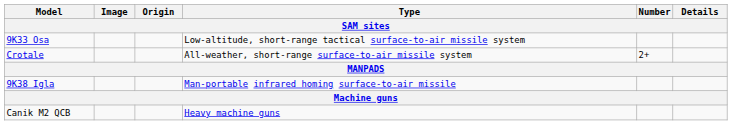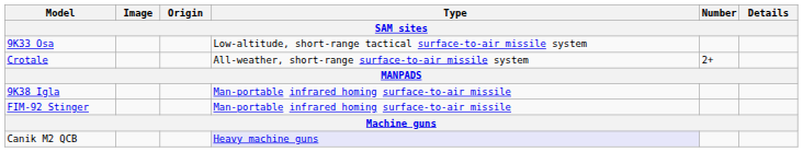 <table class="wikitable">
 <tr>
 <th>Model</th>
 <th>Image</th>
 <th>Origin</th>
 <th>Type</th>
 <th style="width:5%;">Number</th>
 <th>Details</th>
 </tr>
 <tr>
 <th colspan="6" style="align: center;"><a href='#'>SAM sites</a></th>
 </tr>
 <tr>
 <td><a href='#'>9K33 Osa</a></td>
 <td></td>
 <td></td>
 <td>Low-altitude, short-range tactical <a href='#'>surface-to-air missile</a> system</td>
 <td></td>
 <td></td>
 </tr>
 <tr>
 <td><a href='#'>Crotale</a></td>
 <td></td>
 <td></td>
 <td>All-weather, short-range <a href='#'>surface-to-air missile</a> system</td>
 <td>2+</td>
 <td></td>
 </tr>
 <tr>
 <th colspan="6" style="align: center;"><a href='#'>MANPADS</a></th>
 </tr>
 <tr>
 <td><a href='#'>9K38 Igla</a></td>
 <td></td>
 <td></td>
 <td><a href='#'>Man-portable</a> <a href='#'>infrared homing</a> <a href='#'>surface-to-air missile</a></td>
 <td></td>
 <td></td>
 </tr>
 <tr>
+<td><a href='#'>FIM-92 Stinger</a></td>
+<td></td>
+<td></td>
+<td><a href='#'>Man-portable</a> <a href='#'>infrared homing</a> <a href='#'>surface-to-air missile</a></td>
+<td></td>
+<td></td>
+</tr>
+<tr>
 <th colspan="6" style="align: center;"><a href='#'>Machine guns</a></th>
 </tr>
 <tr>
 <td>Canik M2 QCB</td>
 <td></td>
 <td></td>
-<td><a href='#'>Heavy machine guns</a></td>
+<td style="background: lavender;"><a href='#'>Heavy machine guns</a></td>
 <td></td>
 <td></td>
 </tr>
 </table>
